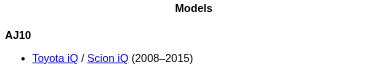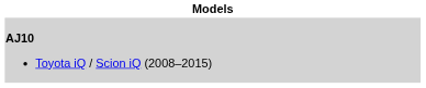 <table>
 <tr>
 <th style="width:50%">Models</th>
 </tr>
 <tr>
-<td style="width:50%"><br><strong>AJ10</strong><ul><li><a href='#'>Toyota iQ</a> / <a href='#'>Scion iQ</a> (2008–2015)</li></ul></td>
+<td style="background: lightgrey; width:50%"><br><strong>AJ10</strong><ul><li><a href='#'>Toyota iQ</a> / <a href='#'>Scion iQ</a> (2008–2015)</li></ul></td>
 </tr>
 </table>
